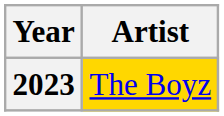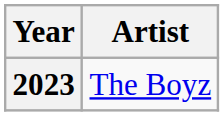 <table class="wikitable mw-collapsible mw-collapsed" style="font-size:small; text-align:center">
 <tr>
 <th>Year</th>
 <th>Artist</th>
 </tr>
 <tr>
 <th>2023</th>
-<td style="background: gold;"><a href='#'>The Boyz</a></td>
+<td><a href='#'>The Boyz</a></td>
 </tr>
 </table>
